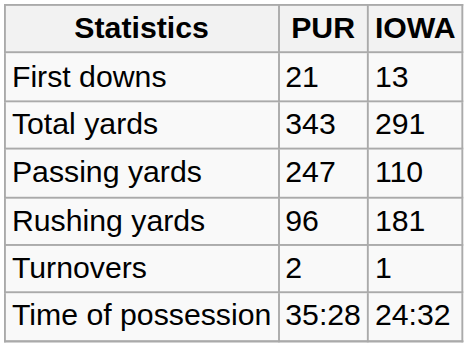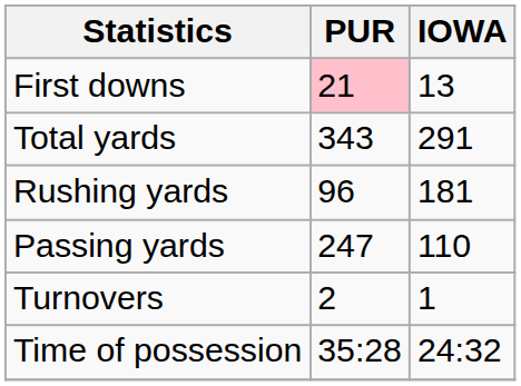 <table class="wikitable">
 <tr>
 <th>Statistics</th>
 <th>PUR</th>
 <th>IOWA</th>
 </tr>
 <tr>
 <td>First downs</td>
-<td>21</td>
+<td style="background: pink;">21</td>
 <td>13</td>
 </tr>
 <tr>
 <td>Total yards</td>
 <td>343</td>
 <td>291</td>
 </tr>
 <tr>
+<td>Rushing yards</td>
+<td>96</td>
+<td>181</td>
+</tr>
+<tr>
 <td>Passing yards</td>
 <td>247</td>
 <td>110</td>
-</tr>
-<tr>
-<td>Rushing yards</td>
-<td>96</td>
-<td>181</td>
 </tr>
 <tr>
 <td>Turnovers</td>
 <td>2</td>
 <td>1</td>
 </tr>
 <tr>
 <td>Time of possession</td>
 <td>35:28</td>
 <td>24:32</td>
 </tr>
 <tr>
 </tr>
 </table>
